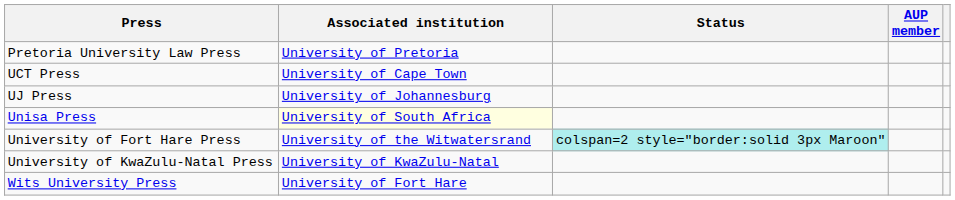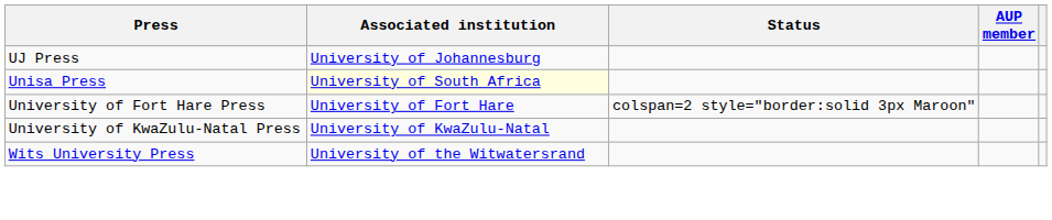 <table class="wikitable sortable">
 <tr>
 <th style="width:20em">Press</th>
 <th style="width:20em">Associated institution</th>
 <th>Status</th>
 <th><a href='#'>AUP<br>member</a></th>
 <th></th>
-</tr>
-<tr>
-<td>Pretoria University Law Press</td>
-<td><a href='#'>University of Pretoria</a></td>
-<td></td>
-<td></td>
-<td></td>
-</tr>
-<tr>
-<td>UCT Press</td>
-<td><a href='#'>University of Cape Town</a></td>
-<td></td>
-<td></td>
-<td></td>
 </tr>
 <tr>
 <td>UJ Press</td>
 <td><a href='#'>University of Johannesburg</a></td>
 <td></td>
 <td></td>
 <td></td>
 </tr>
 <tr>
 <td><a href='#'>Unisa Press</a></td>
 <td style="background: lightyellow;"><a href='#'>University of South Africa</a></td>
 <td></td>
 <td></td>
 <td></td>
 </tr>
 <tr>
 <td>University of Fort Hare Press</td>
-<td><a href='#'>University of the Witwatersrand</a></td>
-<td style="background: paleturquoise;">colspan=2 style="border:solid 3px Maroon"  </td>
+<td><a href='#'>University of Fort Hare</a></td>
+<td>colspan=2 style="border:solid 3px Maroon"  </td>
 <td></td>
 </tr>
 <tr>
 <td>University of KwaZulu-Natal Press</td>
 <td><a href='#'>University of KwaZulu-Natal</a></td>
 <td></td>
 <td></td>
 <td></td>
 </tr>
 <tr>
 <td><a href='#'>Wits University Press</a></td>
-<td><a href='#'>University of Fort Hare</a></td>
+<td><a href='#'>University of the Witwatersrand</a></td>
 <td></td>
 <td></td>
 <td></td>
 </tr>
 </table>
